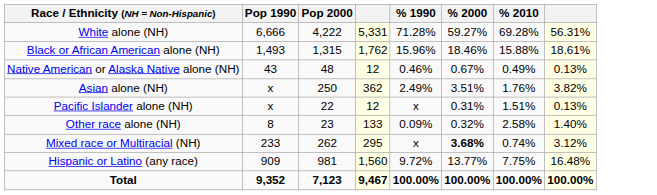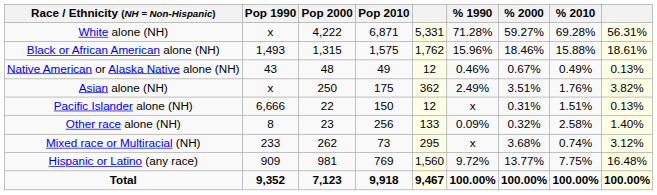 <table class="wikitable" style="text-align:center;">
 <tr>
 <th>Race / Ethnicity <small>(<em>NH = Non-Hispanic</em>)</small></th>
 <th>Pop 1990</th>
 <th>Pop 2000</th>
+<th>Pop 2010</th>
 <th></th>
 <th>% 1990</th>
 <th>% 2000</th>
 <th>% 2010</th>
 <th></th>
 </tr>
 <tr>
 <td><a href='#'>White</a> alone (NH)</td>
-<td>6,666</td>
+<td>x</td>
 <td>4,222</td>
+<td>6,871</td>
 <td style='background: #ffffe6;'>5,331</td>
 <td>71.28%</td>
 <td>59.27%</td>
 <td>69.28%</td>
 <td style='background: #ffffe6;'>56.31%</td>
 </tr>
 <tr>
 <td><a href='#'>Black or African American</a> alone (NH)</td>
 <td>1,493</td>
 <td>1,315</td>
+<td>1,575</td>
 <td style='background: #ffffe6;'>1,762</td>
 <td>15.96%</td>
 <td>18.46%</td>
 <td>15.88%</td>
 <td style='background: #ffffe6;'>18.61%</td>
 </tr>
 <tr>
 <td><a href='#'>Native American</a> or <a href='#'>Alaska Native</a> alone (NH)</td>
 <td>43</td>
 <td>48</td>
+<td>49</td>
 <td style='background: #ffffe6;'>12</td>
 <td>0.46%</td>
 <td>0.67%</td>
 <td>0.49%</td>
 <td style='background: #ffffe6;'>0.13%</td>
 </tr>
 <tr>
 <td><a href='#'>Asian</a> alone (NH)</td>
 <td>x</td>
 <td>250</td>
+<td>175</td>
 <td style='background: #ffffe6;'>362</td>
 <td>2.49%</td>
 <td>3.51%</td>
 <td>1.76%</td>
 <td style='background: #ffffe6;'>3.82%</td>
 </tr>
 <tr>
 <td><a href='#'>Pacific Islander</a> alone (NH)</td>
-<td>x</td>
+<td>6,666</td>
 <td>22</td>
+<td>150</td>
 <td style='background: #ffffe6;'>12</td>
 <td>x</td>
 <td>0.31%</td>
 <td>1.51%</td>
 <td style='background: #ffffe6;'>0.13%</td>
 </tr>
 <tr>
 <td><a href='#'>Other race</a> alone (NH)</td>
 <td>8</td>
 <td>23</td>
+<td>256</td>
 <td style='background: #ffffe6;'>133</td>
 <td>0.09%</td>
 <td>0.32%</td>
 <td>2.58%</td>
 <td style='background: #ffffe6;'>1.40%</td>
 </tr>
 <tr>
 <td><a href='#'>Mixed race or Multiracial</a> (NH)</td>
 <td>233</td>
 <td>262</td>
+<td>73</td>
 <td style='background: #ffffe6;'>295</td>
 <td>x</td>
-<td><strong>3.68%</strong></td>
+<td>3.68%</td>
 <td>0.74%</td>
 <td style='background: #ffffe6;'>3.12%</td>
 </tr>
 <tr>
 <td><a href='#'>Hispanic or Latino</a> (any race)</td>
 <td>909</td>
 <td>981</td>
+<td>769</td>
 <td style='background: #ffffe6;'>1,560</td>
 <td>9.72%</td>
 <td>13.77%</td>
 <td>7.75%</td>
 <td style='background: #ffffe6;'>16.48%</td>
 </tr>
 <tr>
 <td><strong>Total</strong></td>
 <td><strong>9,352</strong></td>
 <td><strong>7,123</strong></td>
+<td><strong>9,918</strong></td>
 <td style='background: #ffffe6;'><strong>9,467</strong></td>
 <td><strong>100.00%</strong></td>
 <td><strong>100.00%</strong></td>
 <td><strong>100.00%</strong></td>
 <td style='background: #ffffe6;'><strong>100.00%</strong></td>
 </tr>
 </table>
